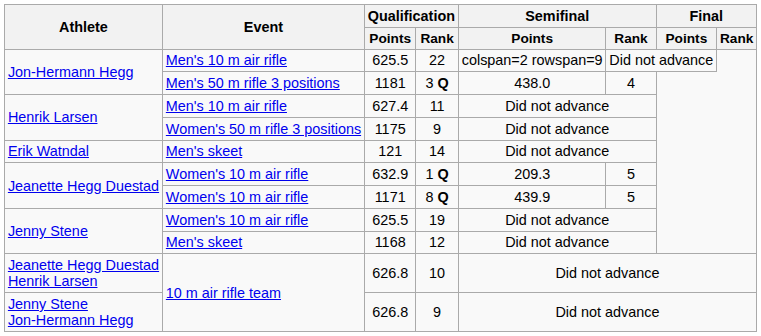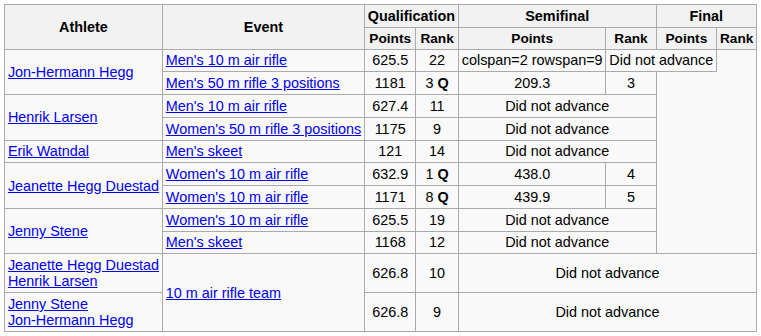 <table class="wikitable" style="font-size:90%">
 <tr>
 <th rowspan="2">Athlete</th>
 <th rowspan="2">Event</th>
 <th colspan=2>Qualification</th>
 <th colspan=2>Semifinal</th>
 <th colspan=2>Final</th>
 </tr>
 <tr style="font-size:95%">
 <th>Points</th>
 <th>Rank</th>
 <th>Points</th>
 <th>Rank</th>
 <th>Points</th>
 <th>Rank</th>
 </tr>
 <tr align=center>
 <td align=left rowspan=2><a href='#'>Jon-Hermann Hegg</a></td>
 <td align=left><a href='#'>Men's 10 m air rifle</a></td>
 <td>625.5</td>
 <td>22</td>
 <td>colspan=2 rowspan=9 </td>
 <td colspan="2">Did not advance</td>
 </tr>
 <tr align=center>
 <td align=left><a href='#'>Men's 50 m rifle 3 positions</a></td>
 <td>1181</td>
 <td>3 <strong>Q</strong></td>
-<td>438.0</td>
-<td>4</td>
+<td>209.3</td>
+<td>3</td>
 </tr>
 <tr align=center>
 <td align=left rowspan=2><a href='#'>Henrik Larsen</a></td>
 <td align=left><a href='#'>Men's 10 m air rifle</a></td>
 <td>627.4</td>
 <td>11</td>
 <td colspan="2">Did not advance</td>
 </tr>
 <tr align=center>
 <td align=left><a href='#'>Women's 50 m rifle 3 positions</a></td>
 <td>1175</td>
 <td>9</td>
 <td colspan="2">Did not advance</td>
 </tr>
 <tr align=center>
 <td align=left><a href='#'>Erik Watndal</a></td>
 <td align=left><a href='#'>Men's skeet</a></td>
 <td>121</td>
 <td>14</td>
 <td colspan=2>Did not advance</td>
 </tr>
 <tr align=center>
 <td align=left rowspan=2><a href='#'>Jeanette Hegg Duestad</a></td>
 <td align=left><a href='#'>Women's 10 m air rifle</a></td>
 <td>632.9 </td>
 <td>1 <strong>Q</strong></td>
-<td>209.3</td>
-<td>5</td>
+<td>438.0</td>
+<td>4</td>
 </tr>
 <tr align=center>
 <td align=left><a href='#'>Women's 10 m air rifle</a></td>
 <td>1171</td>
 <td>8 <strong>Q</strong></td>
 <td>439.9</td>
 <td>5</td>
 </tr>
 <tr align=center>
 <td align=left rowspan=2><a href='#'>Jenny Stene</a></td>
 <td align=left><a href='#'>Women's 10 m air rifle</a></td>
 <td>625.5</td>
 <td>19</td>
 <td colspan=2>Did not advance</td>
 </tr>
 <tr align=center>
 <td align=left><a href='#'>Men's skeet</a></td>
 <td>1168</td>
 <td>12</td>
 <td colspan=2>Did not advance</td>
 </tr>
 <tr align=center>
 <td align=left><a href='#'>Jeanette Hegg Duestad</a><br><a href='#'>Henrik Larsen</a></td>
 <td align=left rowspan=2><a href='#'>10 m air rifle team</a></td>
 <td>626.8</td>
 <td>10</td>
 <td colspan=4>Did not advance</td>
 </tr>
 <tr align=center>
 <td align=left><a href='#'>Jenny Stene</a><br><a href='#'>Jon-Hermann Hegg</a></td>
 <td>626.8</td>
 <td>9</td>
 <td colspan=4>Did not advance</td>
 </tr>
 </table>
